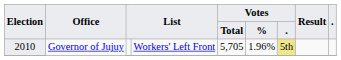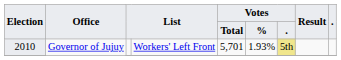 <table class="wikitable" style="font-size:90%; text-align:center;">
 <tr>
 <th style="background-color:#EAECF0;" rowspan=2>Election</th>
 <th style="background-color:#EAECF0;" rowspan=2>Office</th>
 <th style="background-color:#EAECF0;" colspan=2 rowspan=2>List</th>
 <th style="background-color:#EAECF0;" colspan=3>Votes</th>
 <th style="background-color:#EAECF0;" rowspan=2>Result</th>
 <th style="background-color:#EAECF0;" rowspan=2>.</th>
 </tr>
 <tr>
 <th style="background-color:#EAECF0;">Total</th>
 <th style="background-color:#EAECF0;">%</th>
 <th style="background-color:#EAECF0;">.</th>
 </tr>
 <tr>
 <td style="background-color:#EAECF0;">2010</td>
 <td rowspan="2"><a href='#'>Governor of Jujuy</a></td>
 <td style="background-color:"></td>
 <td><a href='#'>Workers' Left Front</a></td>
-<td>5,705</td>
-<td>1.96%</td>
+<td>5,701</td>
+<td>1.93%</td>
 <td style="background: khaki;">5th</td>
 <td></td>
 <td></td>
 </tr>
 <tr>
 </tr>
 </table>
